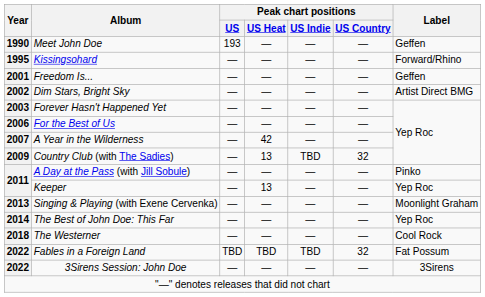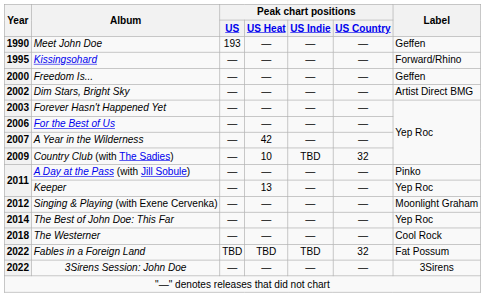 <table class="wikitable" style="text-align:center;">
 <tr>
 <th scope="col" rowspan="2">Year</th>
 <th scope="col" rowspan="2">Album</th>
 <th scope="col" colspan="4">Peak chart positions</th>
 <th scope="col" rowspan="2">Label</th>
 </tr>
 <tr>
 <th scope="col"><a href='#'>US</a></th>
 <th scope="col"><a href='#'>US Heat</a></th>
 <th scope="col"><a href='#'>US Indie</a></th>
 <th scope="col"><a href='#'>US Country</a></th>
 </tr>
 <tr>
 <th scope="row">1990</th>
 <td style="text-align:left;"><em>Meet John Doe</em></td>
 <td>193</td>
 <td>—</td>
 <td>—</td>
 <td>—</td>
 <td style="text-align:left;">Geffen</td>
 </tr>
 <tr>
 <th scope="row">1995</th>
 <td style="text-align:left;"><em><a href='#'>Kissingsohard</a></em></td>
 <td>—</td>
 <td>—</td>
 <td>—</td>
 <td>—</td>
 <td style="text-align:left;">Forward/Rhino</td>
 </tr>
 <tr>
-<th scope="row">2001</th>
+<th scope="row">2000</th>
 <td style="text-align:left;"><em>Freedom Is...</em></td>
 <td>—</td>
 <td>—</td>
 <td>—</td>
 <td>—</td>
 <td style="text-align:left;">Geffen</td>
 </tr>
 <tr>
 <th scope="row">2002</th>
 <td style="text-align:left;"><em>Dim Stars, Bright Sky</em></td>
 <td>—</td>
 <td>—</td>
 <td>—</td>
 <td>—</td>
 <td style="text-align:left;">Artist Direct BMG</td>
 </tr>
 <tr>
 <th scope="row">2003</th>
 <td style="text-align:left;"><em>Forever Hasn't Happened Yet</em></td>
 <td>—</td>
 <td>—</td>
 <td>—</td>
 <td>—</td>
 <td style="text-align:left;" rowspan="4">Yep Roc</td>
 </tr>
 <tr>
 <th scope="row">2006</th>
 <td style="text-align:left;"><em><a href='#'>For the Best of Us</a></em></td>
 <td>—</td>
 <td>—</td>
 <td>—</td>
 <td>—</td>
 </tr>
 <tr>
 <th scope="row">2007</th>
 <td style="text-align:left;"><em>A Year in the Wilderness</em></td>
 <td>—</td>
 <td>42</td>
 <td>—</td>
 <td>—</td>
 </tr>
 <tr>
 <th scope="row">2009</th>
 <td style="text-align:left;"><em>Country Club</em> (with <a href='#'>The Sadies</a>)</td>
 <td>—</td>
-<td>13</td>
+<td>10</td>
 <td>TBD</td>
 <td>32</td>
 </tr>
 <tr>
 <th scope="row" rowspan="2">2011</th>
 <td style="text-align:left;"><em><a href='#'>A Day at the Pass</a></em> (with <a href='#'>Jill Sobule</a>)</td>
 <td>—</td>
 <td>—</td>
 <td>—</td>
 <td>—</td>
 <td style="text-align:left;">Pinko</td>
 </tr>
 <tr>
 <td style="text-align:left;"><em>Keeper</em></td>
 <td>—</td>
 <td>13</td>
 <td>—</td>
 <td>—</td>
 <td style="text-align:left;">Yep Roc</td>
 </tr>
 <tr>
-<th scope="row">2013</th>
+<th scope="row">2012</th>
 <td style="text-align:left;"><em>Singing & Playing</em> (with Exene Cervenka)</td>
 <td>—</td>
 <td>—</td>
 <td>—</td>
 <td>—</td>
 <td style="text-align:left;">Moonlight Graham</td>
 </tr>
 <tr>
 <th scope="row">2014</th>
 <td style="text-align:left;"><em>The Best of John Doe: This Far</em></td>
 <td>—</td>
 <td>—</td>
 <td>—</td>
 <td>—</td>
 <td style="text-align:left;">Yep Roc</td>
 </tr>
 <tr>
 <th scope="row">2018</th>
 <td style="text-align:left;"><em>The Westerner</em></td>
 <td>—</td>
 <td>—</td>
 <td>—</td>
 <td>—</td>
 <td style="text-align:left">Cool Rock</td>
 </tr>
 <tr>
 <th scope="row">2022</th>
 <td style="text-align:left;"><em>Fables in a Foreign Land</em></td>
 <td>TBD</td>
 <td>TBD</td>
 <td>TBD</td>
 <td>32</td>
 <td style="text-align:left">Fat Possum</td>
 </tr>
 <tr>
 <th>2022</th>
 <td><em>3Sirens Session: John Doe</em></td>
 <td>—</td>
 <td>—</td>
 <td>—</td>
 <td>—</td>
 <td>3Sirens</td>
 </tr>
 <tr>
 <td colspan="7">"—" denotes releases that did not chart</td>
 </tr>
 </table>
